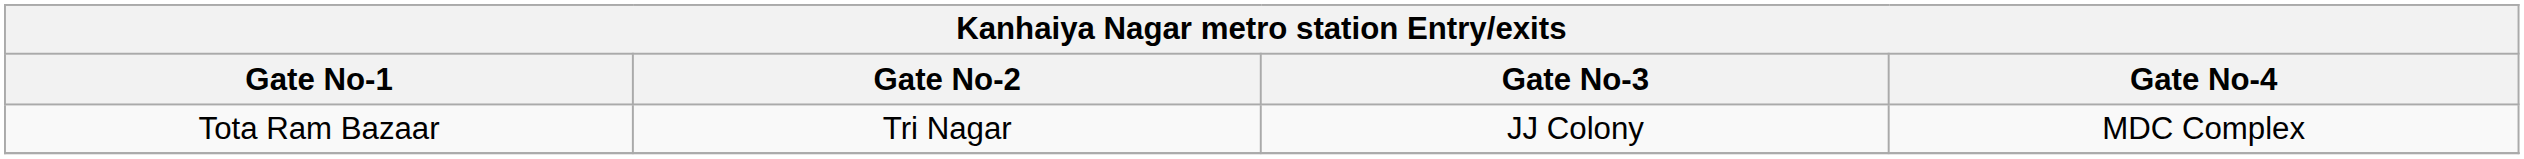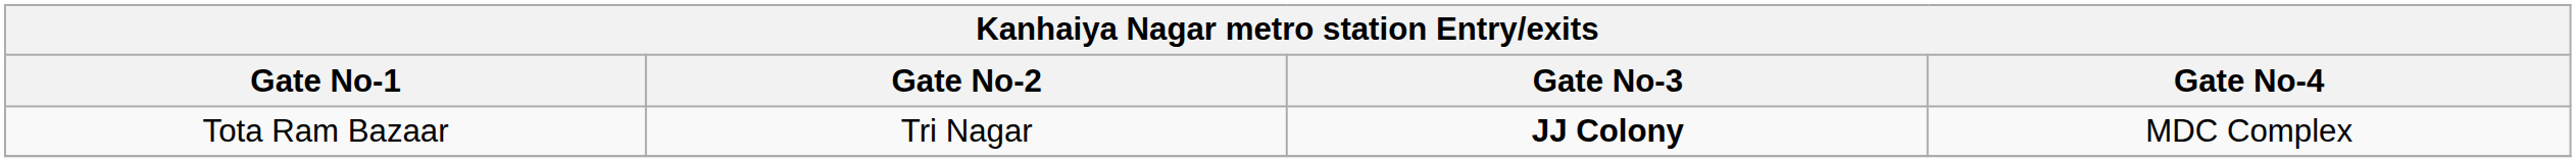 <table class="wikitable" style="text-align: center;" width="65%">
 <tr>
 <th align="center" colspan="5" style="background:#"><span>Kanhaiya Nagar metro station Entry/exits</span></th>
 </tr>
 <tr>
 <th style="width:15%;">Gate No-1</th>
 <th style="width:15%;">Gate No-2</th>
 <th style="width:15%;">Gate No-3</th>
 <th style="width:15%;">Gate No-4 </th>
 </tr>
 <tr>
 <td>Tota Ram Bazaar</td>
 <td>Tri Nagar</td>
-<td>JJ Colony</td>
+<td><strong>JJ Colony</strong></td>
 <td>MDC Complex</td>
 </tr>
 <tr>
 </tr>
 </table>
